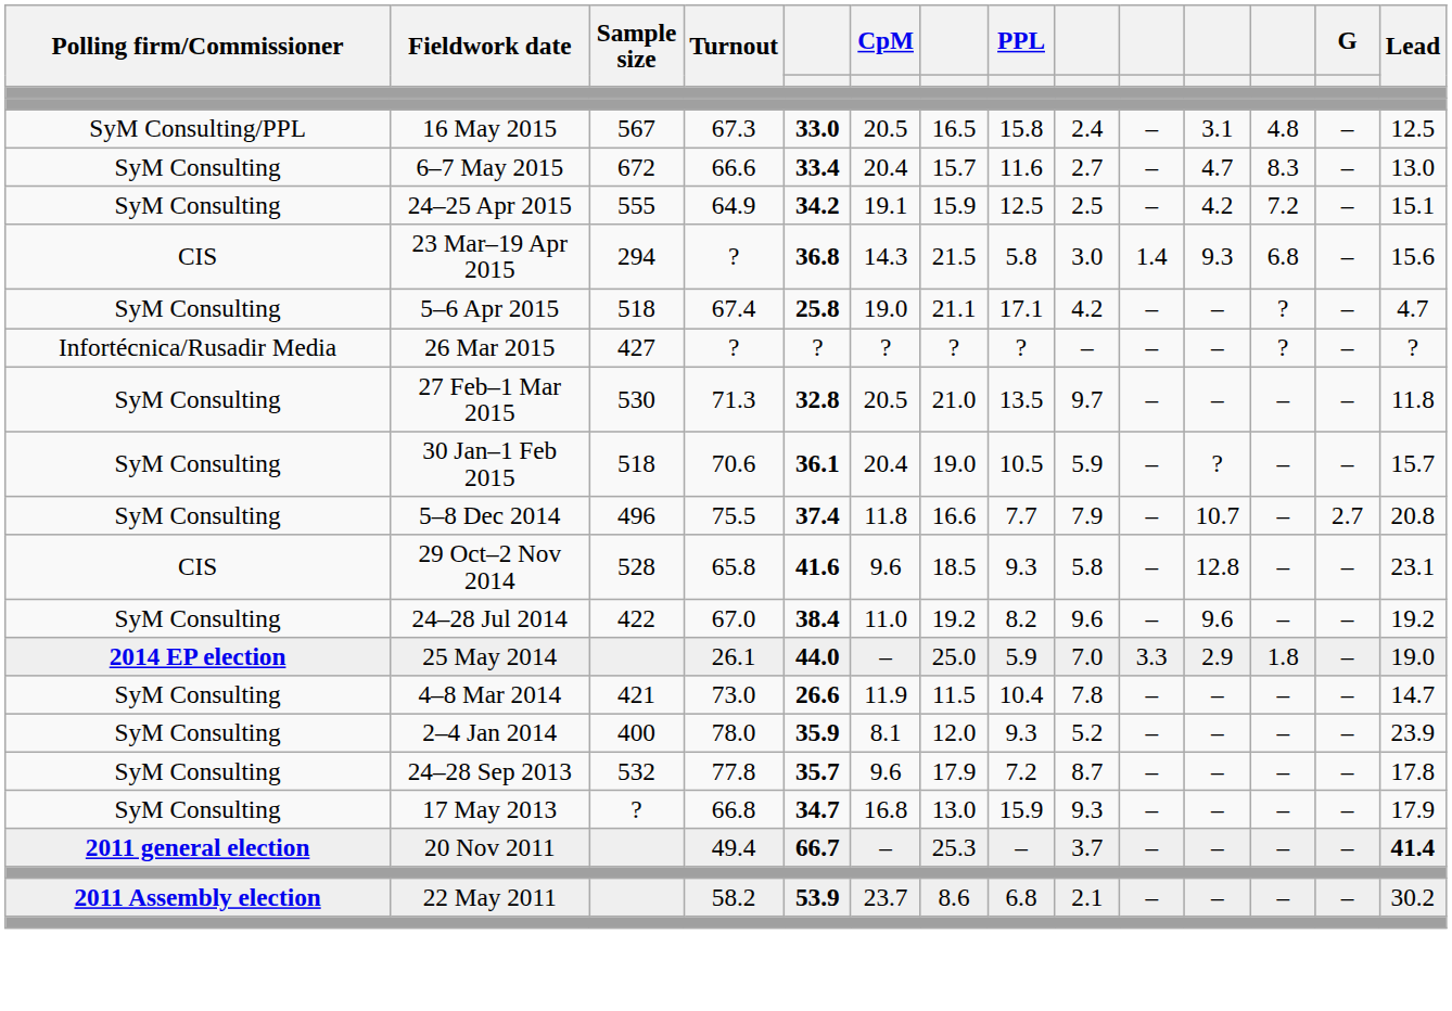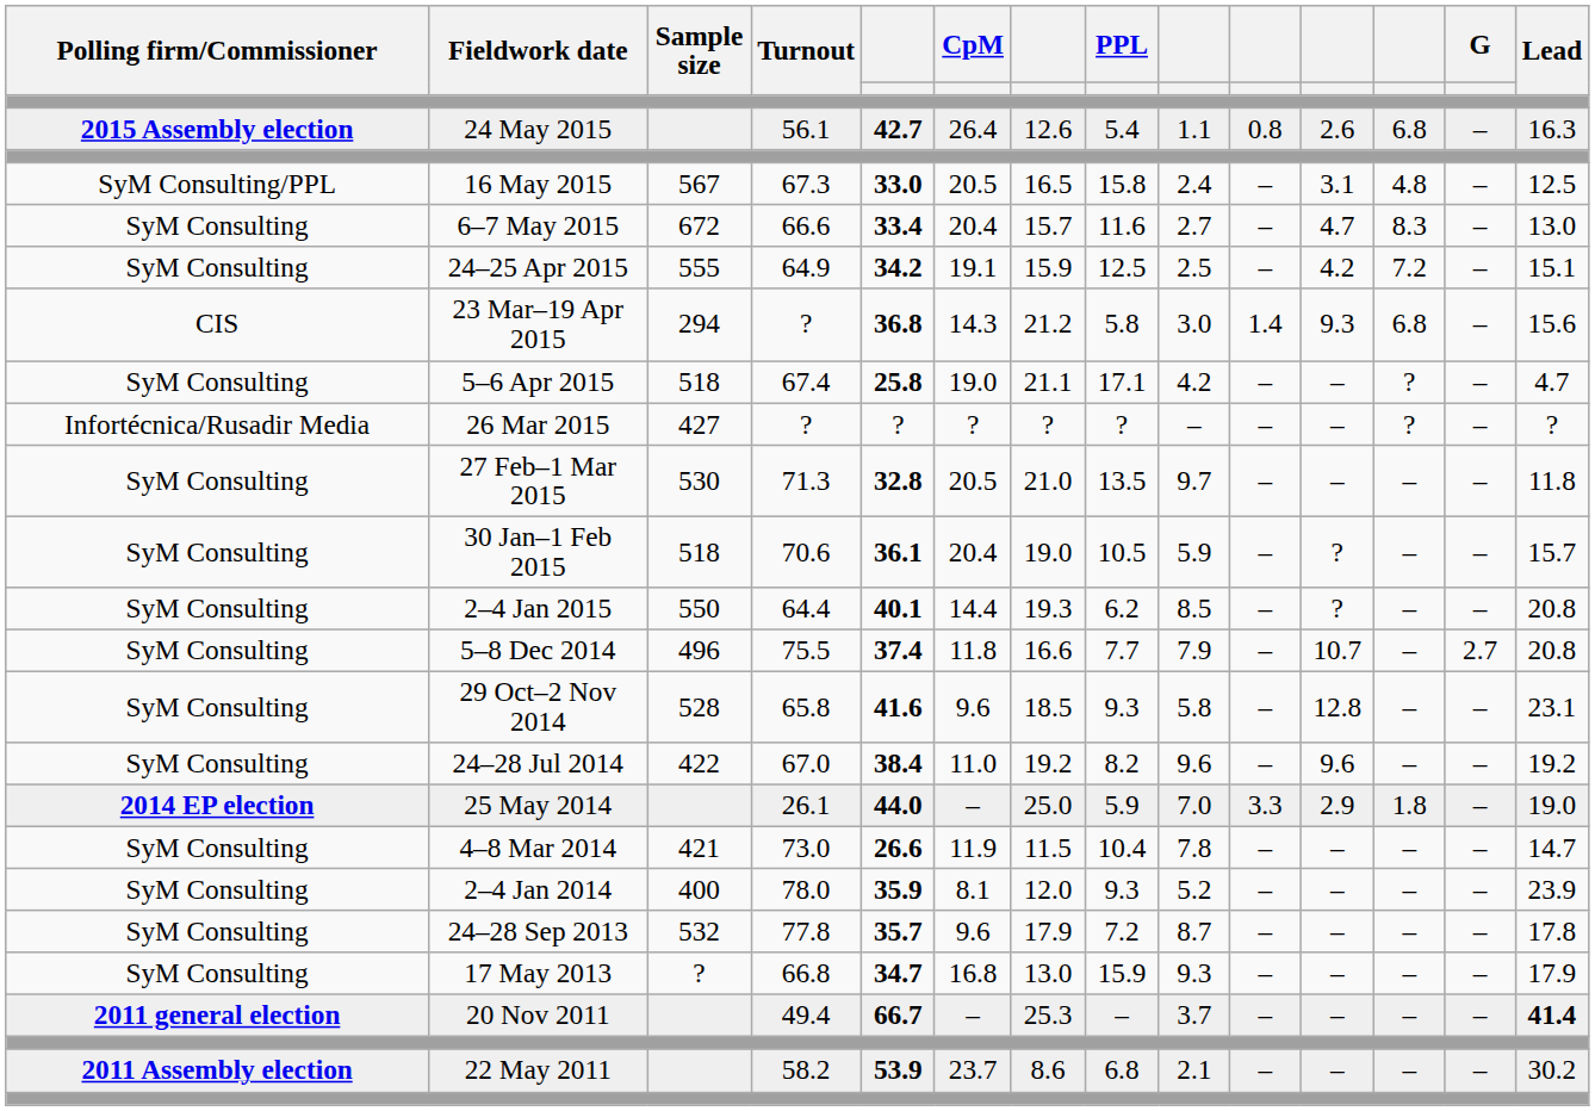 <table class="wikitable collapsible collapsed" style="text-align:center; font-size:95%; line-height:16px;">
 <tr style="height:42px;">
 <th style="width:250px;" rowspan="2">Polling firm/Commissioner</th>
 <th style="width:125px;" rowspan="2">Fieldwork date</th>
 <th style="width:50px;" rowspan="2">Sample size</th>
 <th style="width:45px;" rowspan="2">Turnout</th>
 <th style="width:35px;"></th>
 <th style="width:35px;"><a href='#'>CpM</a></th>
 <th style="width:35px;"></th>
 <th style="width:35px;"><a href='#'>PPL</a></th>
 <th style="width:35px;"></th>
 <th style="width:35px;"></th>
 <th style="width:35px;"></th>
 <th style="width:35px;"></th>
 <th style="width:35px;">G</th>
 <th style="width:30px;" rowspan="2">Lead</th>
 </tr>
 <tr>
 <th style="color:inherit;background:"></th>
 <th style="color:inherit;background:"></th>
 <th style="color:inherit;background:"></th>
 <th style="color:inherit;background:"></th>
 <th style="color:inherit;background:"></th>
 <th style="color:inherit;background:"></th>
 <th style="color:inherit;background:"></th>
 <th style="color:inherit;background:"></th>
 <th style="color:inherit;background:"></th>
 </tr>
 <tr>
 <td colspan="14" style="background:#A0A0A0"></td>
+</tr>
+<tr style="background:#EFEFEF;">
+<td><strong><a href='#'>2015 Assembly election</a></strong></td>
+<td>24 May 2015</td>
+<td></td>
+<td>56.1</td>
+<td><strong>42.7</strong><br></td>
+<td>26.4<br></td>
+<td>12.6<br></td>
+<td>5.4<br></td>
+<td>1.1<br></td>
+<td>0.8<br></td>
+<td>2.6<br></td>
+<td>6.8<br></td>
+<td>–</td>
+<td style="background:">16.3</td>
 </tr>
 <tr>
 <td colspan="14" style="background:#A0A0A0"></td>
 </tr>
 <tr>
 <td>SyM Consulting/PPL</td>
 <td>16 May 2015</td>
 <td>567</td>
 <td>67.3</td>
 <td><strong>33.0</strong><br></td>
 <td>20.5<br></td>
 <td>16.5<br></td>
 <td>15.8<br></td>
 <td>2.4<br></td>
 <td>–</td>
 <td>3.1<br></td>
 <td>4.8<br></td>
 <td>–</td>
 <td style="background:">12.5</td>
 </tr>
 <tr>
 <td>SyM Consulting</td>
 <td>6–7 May 2015</td>
 <td>672</td>
 <td>66.6</td>
 <td><strong>33.4</strong><br></td>
 <td>20.4<br></td>
 <td>15.7<br></td>
 <td>11.6<br></td>
 <td>2.7<br></td>
 <td>–</td>
 <td>4.7<br></td>
 <td>8.3<br></td>
 <td>–</td>
 <td style="background:">13.0</td>
 </tr>
 <tr>
 <td>SyM Consulting</td>
 <td>24–25 Apr 2015</td>
 <td>555</td>
 <td>64.9</td>
 <td><strong>34.2</strong><br></td>
 <td>19.1<br></td>
 <td>15.9<br></td>
 <td>12.5<br></td>
 <td>2.5<br></td>
 <td>–</td>
 <td>4.2<br></td>
 <td>7.2<br></td>
 <td>–</td>
 <td style="background:">15.1</td>
 </tr>
 <tr>
 <td>CIS</td>
 <td>23 Mar–19 Apr 2015</td>
 <td>294</td>
 <td>?</td>
 <td><strong>36.8</strong><br></td>
 <td>14.3<br></td>
-<td>21.5<br></td>
+<td>21.2<br></td>
 <td>5.8<br></td>
 <td>3.0<br></td>
 <td>1.4<br></td>
 <td>9.3<br></td>
 <td>6.8<br></td>
 <td>–</td>
 <td style="background:">15.6</td>
 </tr>
 <tr>
 <td>SyM Consulting</td>
 <td>5–6 Apr 2015</td>
 <td>518</td>
 <td>67.4</td>
 <td><strong>25.8</strong><br></td>
 <td>19.0<br></td>
 <td>21.1<br></td>
 <td>17.1<br></td>
 <td>4.2<br></td>
 <td>–</td>
 <td>–</td>
 <td>?<br></td>
 <td>–</td>
 <td style="background:">4.7</td>
 </tr>
 <tr>
 <td>Infortécnica/Rusadir Media</td>
 <td>26 Mar 2015</td>
 <td>427</td>
 <td>?</td>
 <td>?<br></td>
 <td>?<br></td>
 <td>?<br></td>
 <td>?<br></td>
 <td>–</td>
 <td>–</td>
 <td>–</td>
 <td>?<br></td>
 <td>–</td>
 <td style="background:">?</td>
 </tr>
 <tr>
 <td>SyM Consulting</td>
 <td>27 Feb–1 Mar 2015</td>
 <td>530</td>
 <td>71.3</td>
 <td><strong>32.8</strong><br></td>
 <td>20.5<br></td>
 <td>21.0<br></td>
 <td>13.5<br></td>
 <td>9.7<br></td>
 <td>–</td>
 <td>–</td>
 <td>–</td>
 <td>–</td>
 <td style="background:">11.8</td>
 </tr>
 <tr>
 <td>SyM Consulting</td>
 <td>30 Jan–1 Feb 2015</td>
 <td>518</td>
 <td>70.6</td>
 <td><strong>36.1</strong><br></td>
 <td>20.4<br></td>
 <td>19.0<br></td>
 <td>10.5<br></td>
 <td>5.9<br></td>
 <td>–</td>
 <td>?<br></td>
 <td>–</td>
 <td>–</td>
 <td style="background:">15.7</td>
 </tr>
 <tr>
 <td>SyM Consulting</td>
+<td>2–4 Jan 2015</td>
+<td>550</td>
+<td>64.4</td>
+<td><strong>40.1</strong><br></td>
+<td>14.4<br></td>
+<td>19.3<br></td>
+<td>6.2<br></td>
+<td>8.5<br></td>
+<td>–</td>
+<td>?<br></td>
+<td>–</td>
+<td>–</td>
+<td style="background:">20.8</td>
+</tr>
+<tr>
+<td>SyM Consulting</td>
 <td>5–8 Dec 2014</td>
 <td>496</td>
 <td>75.5</td>
 <td><strong>37.4</strong><br></td>
 <td>11.8<br></td>
 <td>16.6<br></td>
 <td>7.7<br></td>
 <td>7.9<br></td>
 <td>–</td>
 <td>10.7<br></td>
 <td>–</td>
 <td>2.7<br></td>
 <td style="background:">20.8</td>
 </tr>
 <tr>
-<td>CIS</td>
+<td>SyM Consulting</td>
 <td>29 Oct–2 Nov 2014</td>
 <td>528</td>
 <td>65.8</td>
 <td><strong>41.6</strong><br></td>
 <td>9.6<br></td>
 <td>18.5<br></td>
 <td>9.3<br></td>
 <td>5.8<br></td>
 <td>–</td>
 <td>12.8<br></td>
 <td>–</td>
 <td>–</td>
 <td style="background:">23.1</td>
 </tr>
 <tr>
 <td>SyM Consulting</td>
 <td>24–28 Jul 2014</td>
 <td>422</td>
 <td>67.0</td>
 <td><strong>38.4</strong><br></td>
 <td>11.0<br></td>
 <td>19.2<br></td>
 <td>8.2<br></td>
 <td>9.6<br></td>
 <td>–</td>
 <td>9.6<br></td>
 <td>–</td>
 <td>–</td>
 <td style="background:">19.2</td>
 </tr>
 <tr style="background:#EFEFEF;">
 <td><strong><a href='#'>2014 EP election</a></strong></td>
 <td>25 May 2014</td>
 <td></td>
 <td>26.1</td>
 <td><strong>44.0</strong><br></td>
 <td>–</td>
 <td>25.0<br></td>
 <td>5.9<br></td>
 <td>7.0<br></td>
 <td>3.3<br></td>
 <td>2.9<br></td>
 <td>1.8<br></td>
 <td>–</td>
 <td style="background:">19.0</td>
 </tr>
 <tr>
 <td>SyM Consulting</td>
 <td>4–8 Mar 2014</td>
 <td>421</td>
 <td>73.0</td>
 <td><strong>26.6</strong><br></td>
 <td>11.9<br></td>
 <td>11.5<br></td>
 <td>10.4<br></td>
 <td>7.8<br></td>
 <td>–</td>
 <td>–</td>
 <td>–</td>
 <td>–</td>
 <td style="background:">14.7</td>
 </tr>
 <tr>
 <td>SyM Consulting</td>
 <td>2–4 Jan 2014</td>
 <td>400</td>
 <td>78.0</td>
 <td><strong>35.9</strong><br></td>
 <td>8.1<br></td>
 <td>12.0<br></td>
 <td>9.3<br></td>
 <td>5.2<br></td>
 <td>–</td>
 <td>–</td>
 <td>–</td>
 <td>–</td>
 <td style="background:">23.9</td>
 </tr>
 <tr>
 <td>SyM Consulting</td>
 <td>24–28 Sep 2013</td>
 <td>532</td>
 <td>77.8</td>
 <td><strong>35.7</strong><br></td>
 <td>9.6<br></td>
 <td>17.9<br></td>
 <td>7.2<br></td>
 <td>8.7<br></td>
 <td>–</td>
 <td>–</td>
 <td>–</td>
 <td>–</td>
 <td style="background:">17.8</td>
 </tr>
 <tr>
 <td>SyM Consulting</td>
 <td>17 May 2013</td>
 <td>?</td>
 <td>66.8</td>
 <td><strong>34.7</strong><br></td>
 <td>16.8<br></td>
 <td>13.0<br></td>
 <td>15.9<br></td>
 <td>9.3<br></td>
 <td>–</td>
 <td>–</td>
 <td>–</td>
 <td>–</td>
 <td style="background:">17.9</td>
 </tr>
 <tr style="background:#EFEFEF;">
 <td><strong><a href='#'>2011 general election</a></strong></td>
 <td>20 Nov 2011</td>
 <td></td>
 <td>49.4</td>
 <td><strong>66.7</strong><br></td>
 <td>–</td>
 <td>25.3<br></td>
 <td>–</td>
 <td>3.7<br></td>
 <td>–</td>
 <td>–</td>
 <td>–</td>
 <td>–</td>
 <td style="background:"><strong>41.4</strong></td>
 </tr>
 <tr>
 <td colspan="14" style="background:#A0A0A0"></td>
 </tr>
 <tr style="background:#EFEFEF;">
 <td><strong><a href='#'>2011 Assembly election</a></strong></td>
 <td>22 May 2011</td>
 <td></td>
 <td>58.2</td>
 <td><strong>53.9</strong><br></td>
 <td>23.7<br></td>
 <td>8.6<br></td>
 <td>6.8<br></td>
 <td>2.1<br></td>
 <td>–</td>
 <td>–</td>
 <td>–</td>
 <td>–</td>
 <td style="background:">30.2</td>
 </tr>
 <tr>
 <td colspan="14" style="background:#A0A0A0"></td>
 </tr>
 </table>
